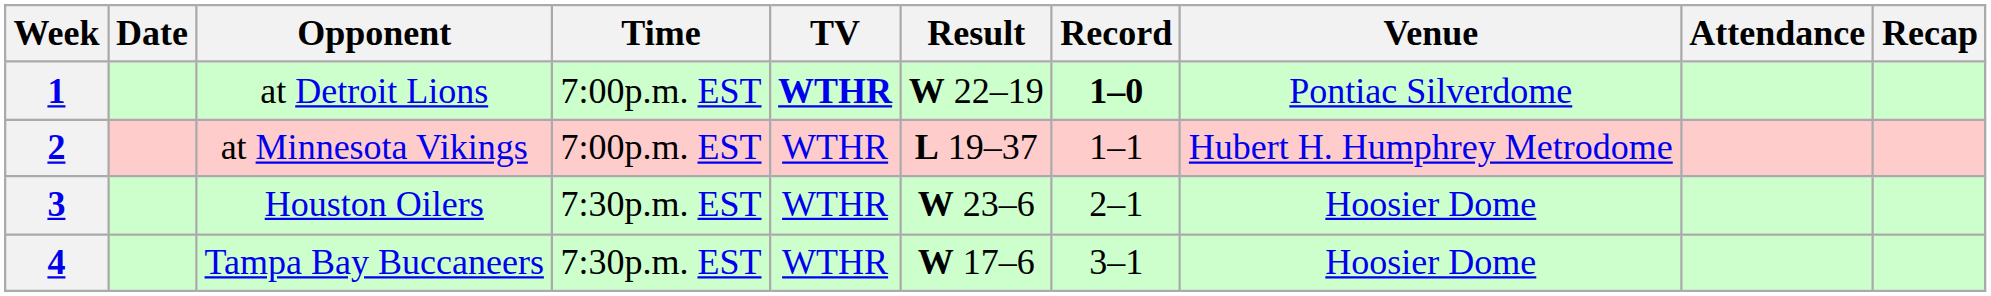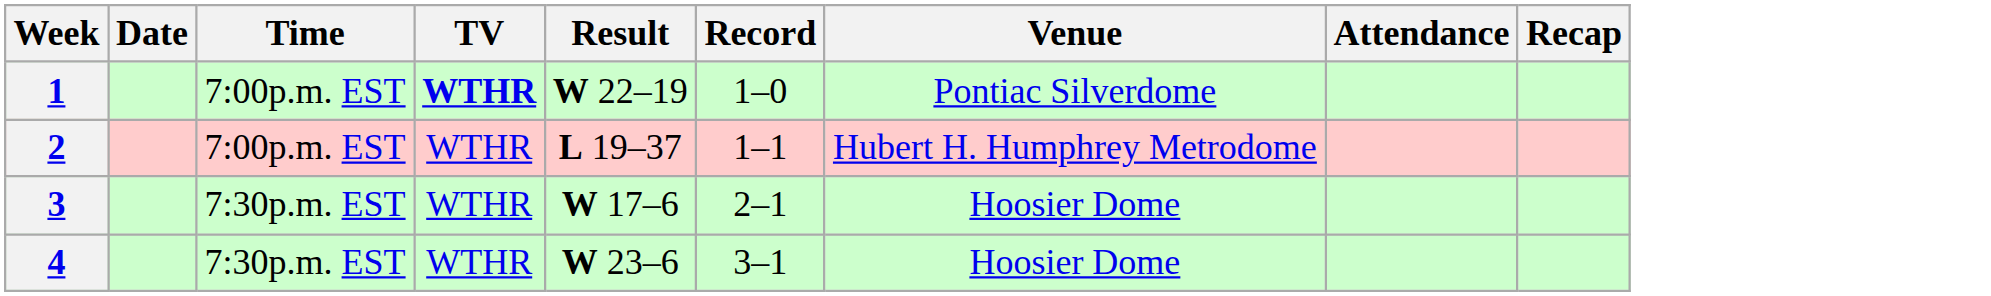 <table class="wikitable" style="text-align:center">
 <tr>
 <th>Week</th>
 <th>Date</th>
-<th>Opponent</th>
 <th>Time</th>
 <th>TV</th>
 <th>Result</th>
 <th>Record</th>
 <th>Venue</th>
 <th>Attendance</th>
 <th>Recap</th>
 </tr>
 <tr style="background:#cfc">
 <th><a href='#'>1</a></th>
 <td></td>
-<td>at <a href='#'>Detroit Lions</a></td>
 <td>7:00p.m. <a href='#'>EST</a></td>
 <td><strong><a href='#'>WTHR</a></strong></td>
 <td><strong>W</strong> 22–19</td>
-<td><strong>1–0</strong></td>
+<td>1–0</td>
 <td><a href='#'>Pontiac Silverdome</a></td>
 <td></td>
 <td></td>
 </tr>
 <tr style="background:#fcc">
 <th><a href='#'>2</a></th>
 <td></td>
-<td>at <a href='#'>Minnesota Vikings</a></td>
 <td>7:00p.m. <a href='#'>EST</a></td>
 <td><a href='#'>WTHR</a></td>
 <td><strong>L</strong> 19–37</td>
 <td>1–1</td>
 <td><a href='#'>Hubert H. Humphrey Metrodome</a></td>
 <td></td>
 <td></td>
 </tr>
 <tr style="background:#cfc">
 <th><a href='#'>3</a></th>
 <td></td>
-<td><a href='#'>Houston Oilers</a></td>
 <td>7:30p.m. <a href='#'>EST</a></td>
 <td><a href='#'>WTHR</a></td>
-<td><strong>W</strong> 23–6</td>
+<td><strong>W</strong> 17–6</td>
 <td>2–1</td>
 <td><a href='#'>Hoosier Dome</a></td>
 <td></td>
 <td></td>
 </tr>
 <tr style="background:#cfc">
 <th><a href='#'>4</a></th>
 <td></td>
-<td><a href='#'>Tampa Bay Buccaneers</a></td>
 <td>7:30p.m. <a href='#'>EST</a></td>
 <td><a href='#'>WTHR</a></td>
-<td><strong>W</strong> 17–6</td>
+<td><strong>W</strong> 23–6</td>
 <td>3–1</td>
 <td><a href='#'>Hoosier Dome</a></td>
 <td></td>
 <td></td>
 </tr>
 </table>
